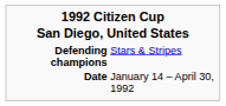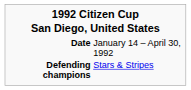 <table class="infobox" style="width: 20em; font-size: 90%">
 <tr>
 <th colspan="2" style="text-align: center; font-size: larger;"><strong>1992 Citizen Cup<br>San Diego, United States</strong></th>
+</tr>
+<tr>
+<td style="text-align: right;"><strong>Date</strong></td>
+<td>January 14 – April 30, 1992</td>
 </tr>
 <tr>
 <td style="text-align: right;"><strong>Defending champions</strong></td>
 <td><a href='#'>Stars & Stripes</a></td>
 </tr>
 <tr>
-<td style="text-align: right;"><strong>Date</strong></td>
-<td>January 14 – April 30, 1992</td>
-</tr>
-<tr>
 </tr>
 </table>
